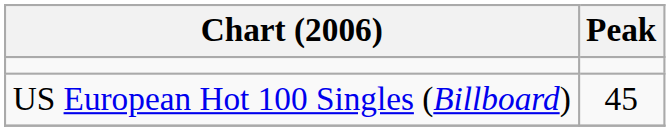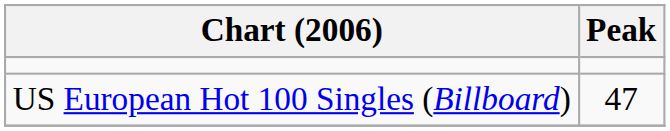 <table class="wikitable plainrowheaders" style="text-align:center;">
 <tr>
 <th scope="col">Chart (2006)</th>
 <th scope="col">Peak</th>
 </tr>
 <tr>
 <td></td>
 </tr>
 <tr>
 <td>US <a href='#'>European Hot 100 Singles</a> (<em><a href='#'>Billboard</a></em>)</td>
-<td align="center">45</td>
+<td align="center">47</td>
 </tr>
 <tr>
 </tr>
 </table>
